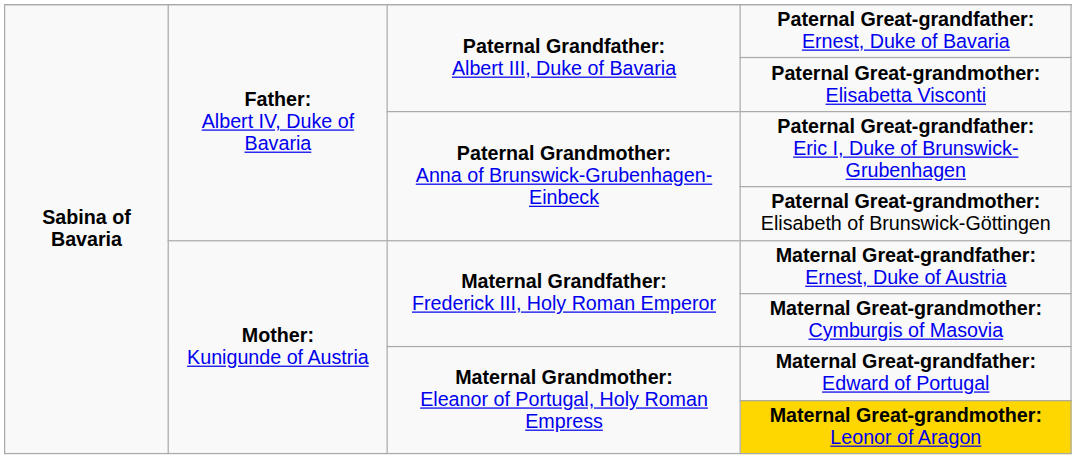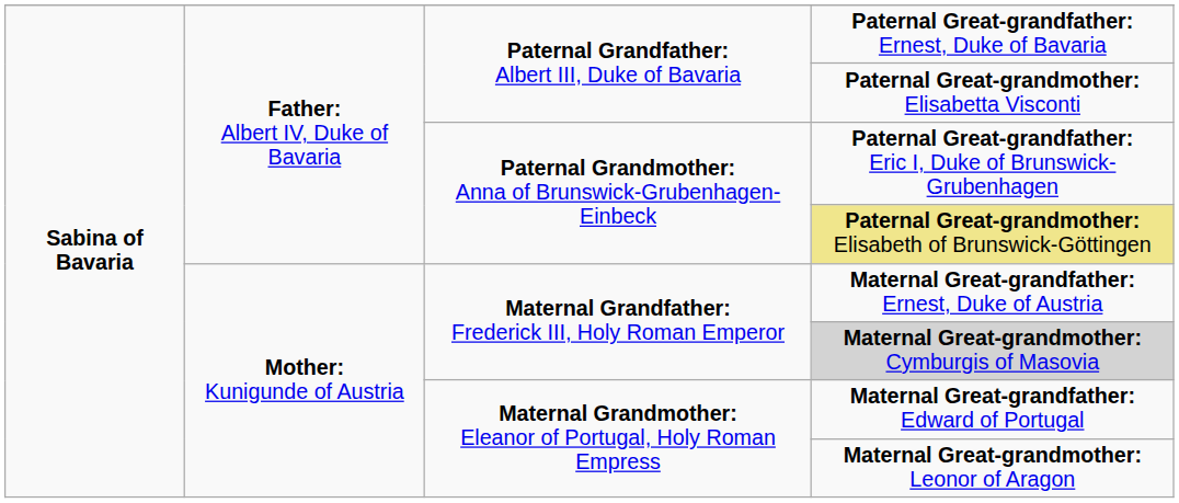 <table class="wikitable">
 <tr>
 </tr>
 <tr>
 <td rowspan="8" align="center"><strong>Sabina of Bavaria</strong></td>
 <td rowspan="4" align="center"><strong>Father:</strong><br><a href='#'>Albert IV, Duke of Bavaria</a></td>
 <td rowspan="2" align="center"><strong>Paternal Grandfather:</strong><br><a href='#'>Albert III, Duke of Bavaria</a></td>
 <td align="center"><strong>Paternal Great-grandfather:</strong><br><a href='#'>Ernest, Duke of Bavaria</a></td>
 </tr>
 <tr>
 <td align="center"><strong>Paternal Great-grandmother:</strong><br><a href='#'>Elisabetta Visconti</a></td>
 </tr>
 <tr>
 <td rowspan="2" align="center"><strong>Paternal Grandmother:</strong><br><a href='#'>Anna of Brunswick-Grubenhagen-Einbeck</a></td>
 <td align="center"><strong>Paternal Great-grandfather:</strong><br><a href='#'>Eric I, Duke of Brunswick-Grubenhagen</a></td>
 </tr>
 <tr>
-<td align="center"><strong>Paternal Great-grandmother:</strong><br>Elisabeth of Brunswick-Göttingen</td>
+<td align="center" style="background: khaki;"><strong>Paternal Great-grandmother:</strong><br>Elisabeth of Brunswick-Göttingen</td>
 </tr>
 <tr>
 <td rowspan="4" align="center"><strong>Mother:</strong><br><a href='#'>Kunigunde of Austria</a></td>
 <td rowspan="2" align="center"><strong>Maternal Grandfather:</strong><br><a href='#'>Frederick III, Holy Roman Emperor</a></td>
 <td align="center"><strong>Maternal Great-grandfather:</strong><br><a href='#'>Ernest, Duke of Austria</a></td>
 </tr>
 <tr>
-<td align="center"><strong>Maternal Great-grandmother:</strong><br><a href='#'>Cymburgis of Masovia</a></td>
+<td align="center" style="background: lightgrey;"><strong>Maternal Great-grandmother:</strong><br><a href='#'>Cymburgis of Masovia</a></td>
 </tr>
 <tr>
 <td rowspan="2" align="center"><strong>Maternal Grandmother:</strong><br><a href='#'>Eleanor of Portugal, Holy Roman Empress</a></td>
 <td align="center"><strong>Maternal Great-grandfather:</strong><br><a href='#'>Edward of Portugal</a></td>
 </tr>
 <tr>
-<td align="center" style="background: gold;"><strong>Maternal Great-grandmother:</strong><br><a href='#'>Leonor of Aragon</a></td>
+<td align="center"><strong>Maternal Great-grandmother:</strong><br><a href='#'>Leonor of Aragon</a></td>
 </tr>
 </table>
